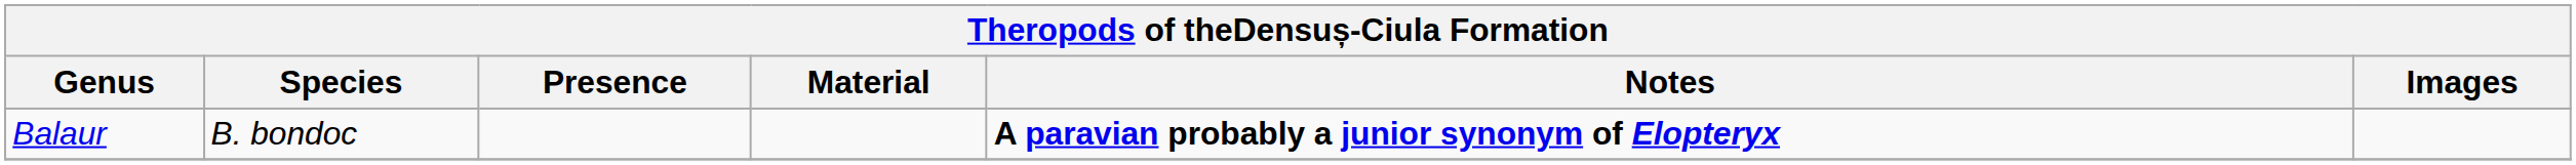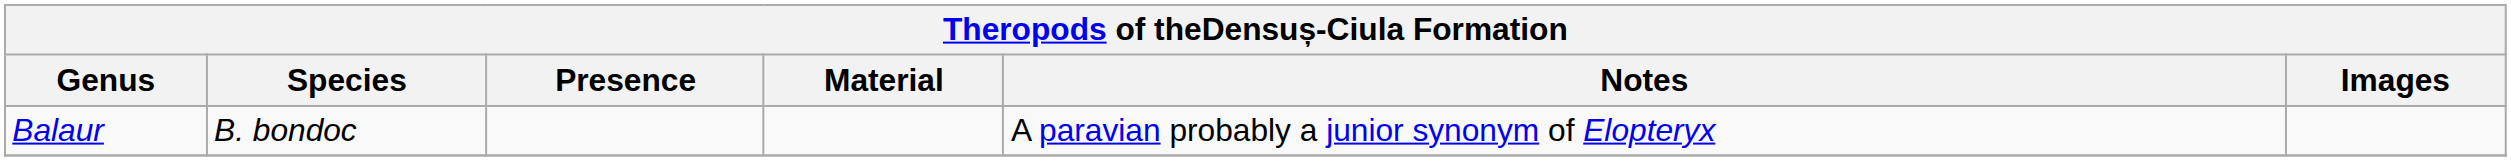 <table class="wikitable" align="center" width="100%">
 <tr>
 <th colspan="6" align="center"><strong><a href='#'>Theropods</a></strong> of  theDensuș-Ciula Formation</th>
 </tr>
 <tr>
 <th>Genus</th>
 <th>Species</th>
 <th>Presence</th>
 <th>Material</th>
 <th>Notes</th>
 <th>Images</th>
 </tr>
 <tr>
 <td><em><a href='#'>Balaur</a></em></td>
 <td><em>B. bondoc</em></td>
 <td></td>
 <td></td>
-<td><strong>A <a href='#'>paravian</a> probably a <a href='#'>junior synonym</a> of <em><a href='#'>Elopteryx</a></em></strong></td>
+<td>A <a href='#'>paravian</a> probably a <a href='#'>junior synonym</a> of <em><a href='#'>Elopteryx</a></em></td>
 <td></td>
 </tr>
 <tr>
 </tr>
 </table>
